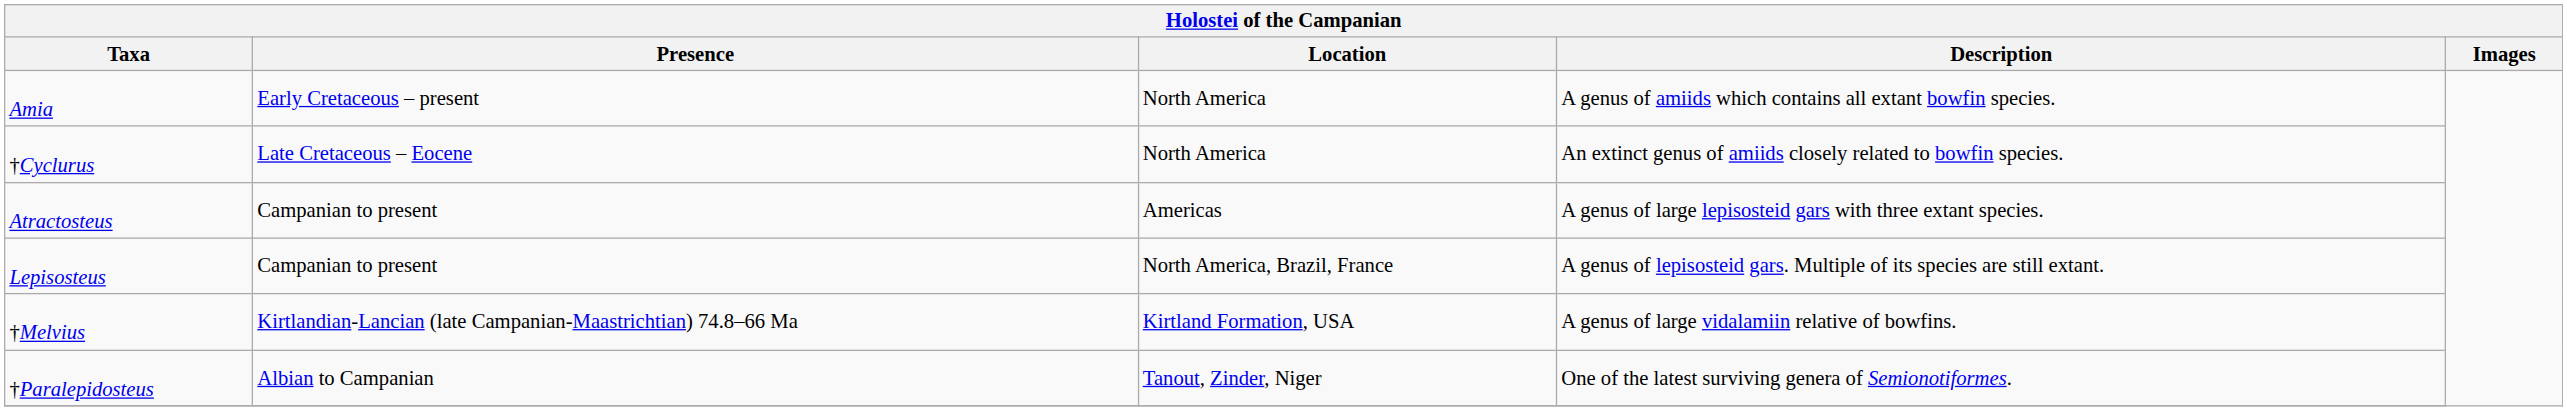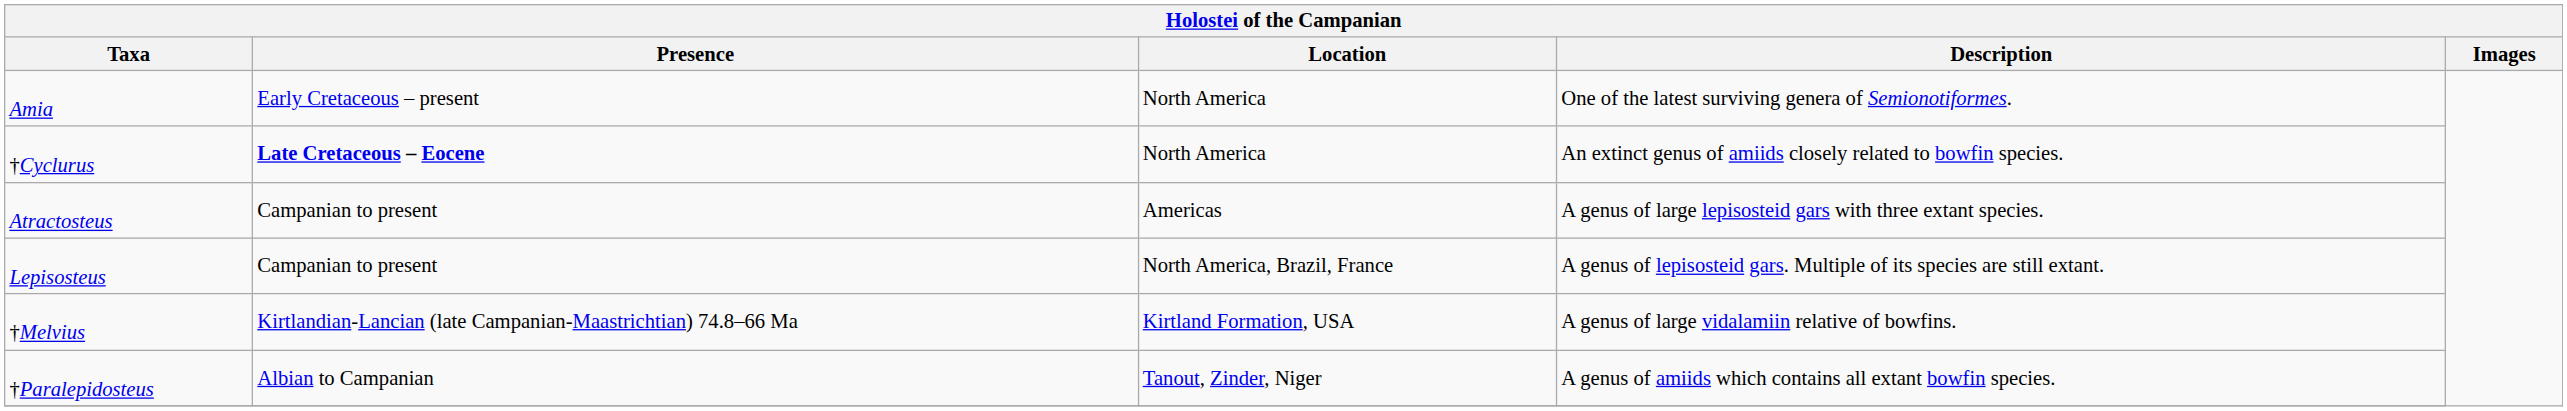 <table class="wikitable" align="center" width="100%">
 <tr>
 <th colspan="5" align="center"><a href='#'>Holostei</a> of the Campanian</th>
 </tr>
 <tr>
 <th>Taxa</th>
 <th>Presence</th>
 <th>Location</th>
 <th>Description</th>
 <th>Images</th>
 </tr>
 <tr>
 <td><br><em><a href='#'>Amia</a></em></td>
 <td><a href='#'>Early Cretaceous</a> – present</td>
 <td>North America</td>
-<td>A genus of <a href='#'>amiids</a> which contains all extant <a href='#'>bowfin</a> species.</td>
+<td>One of the latest surviving genera of <em><a href='#'>Semionotiformes</a></em>.</td>
 <td rowspan="99"><br>  </td>
 </tr>
 <tr>
 <td><br>†<em><a href='#'>Cyclurus</a></em></td>
-<td><a href='#'>Late Cretaceous</a> – <a href='#'>Eocene</a></td>
+<td><strong><a href='#'>Late Cretaceous</a> – <a href='#'>Eocene</a></strong></td>
 <td>North America</td>
 <td>An extinct genus of <a href='#'>amiids</a> closely related to <a href='#'>bowfin</a> species.</td>
 </tr>
 <tr>
 <td><br><em><a href='#'>Atractosteus</a></em></td>
 <td>Campanian to present</td>
 <td>Americas</td>
 <td>A genus of large <a href='#'>lepisosteid</a> <a href='#'>gars</a> with three extant species.</td>
 </tr>
 <tr>
 <td><br><em><a href='#'>Lepisosteus</a></em></td>
 <td>Campanian to present</td>
 <td>North America, Brazil, France</td>
 <td>A genus of <a href='#'>lepisosteid</a> <a href='#'>gars</a>. Multiple of its species are still extant.</td>
 </tr>
 <tr>
 <td><br>†<em><a href='#'>Melvius</a></em></td>
 <td><a href='#'>Kirtlandian</a>-<a href='#'>Lancian</a> (late Campanian-<a href='#'>Maastrichtian</a>) 74.8–66 Ma</td>
 <td><a href='#'>Kirtland Formation</a>, USA</td>
 <td>A genus of large <a href='#'>vidalamiin</a> relative of bowfins.</td>
 </tr>
 <tr>
 <td><br>†<em><a href='#'>Paralepidosteus</a></em></td>
 <td><a href='#'>Albian</a> to Campanian</td>
 <td><a href='#'>Tanout</a>, <a href='#'>Zinder</a>, Niger</td>
-<td>One of the latest surviving genera of <em><a href='#'>Semionotiformes</a></em>.</td>
+<td>A genus of <a href='#'>amiids</a> which contains all extant <a href='#'>bowfin</a> species.</td>
 </tr>
 <tr>
 </tr>
 </table>
